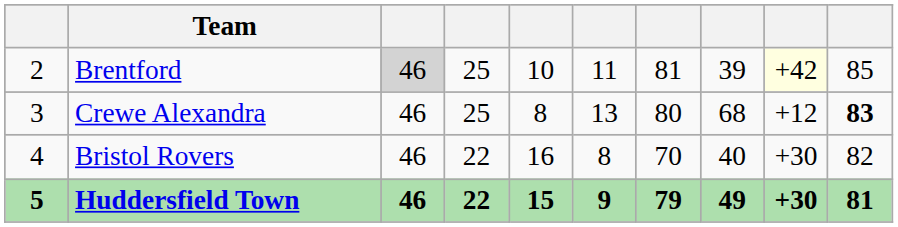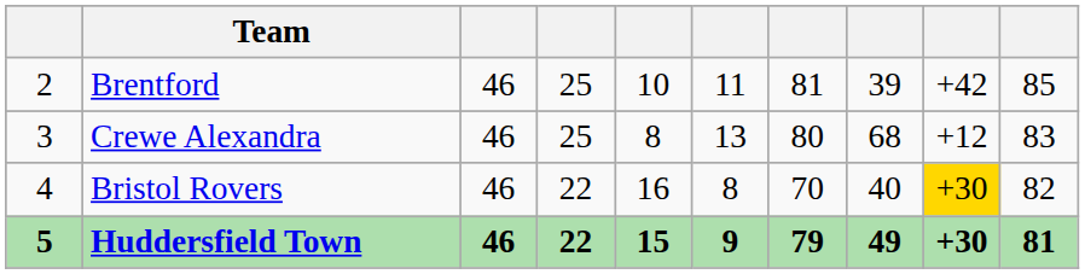 <table class="wikitable" style="text-align:center">
 <tr>
 <th width="30"></th>
 <th width="175">Team</th>
 <th width="30"></th>
 <th width="30"></th>
 <th width="30"></th>
 <th width="30"></th>
 <th width="30"></th>
 <th width="30"></th>
 <th width="30"></th>
 <th width="30"></th>
 </tr>
 <tr>
 <td>2</td>
 <td align=left><a href='#'>Brentford</a></td>
-<td style="background: lightgrey;">46</td>
+<td>46</td>
 <td>25</td>
 <td>10</td>
 <td>11</td>
 <td>81</td>
 <td>39</td>
-<td style="background: lightyellow;">+42</td>
+<td>+42</td>
 <td>85</td>
 </tr>
 <tr>
 <td>3</td>
 <td align=left><a href='#'>Crewe Alexandra</a></td>
 <td>46</td>
 <td>25</td>
 <td>8</td>
 <td>13</td>
 <td>80</td>
 <td>68</td>
 <td>+12</td>
-<td><strong>83</strong></td>
+<td>83</td>
 </tr>
 <tr>
 <td>4</td>
 <td align=left><a href='#'>Bristol Rovers</a></td>
 <td>46</td>
 <td>22</td>
 <td>16</td>
 <td>8</td>
 <td>70</td>
 <td>40</td>
-<td>+30</td>
+<td style="background: gold;">+30</td>
 <td>82</td>
 </tr>
 <tr bgcolor=#ADDFAD>
 <td><strong>5</strong></td>
 <td align=left><strong><a href='#'>Huddersfield Town</a></strong></td>
 <td><strong>46</strong></td>
 <td><strong>22</strong></td>
 <td><strong>15</strong></td>
 <td><strong>9</strong></td>
 <td><strong>79</strong></td>
 <td><strong>49</strong></td>
 <td><strong>+30</strong></td>
 <td><strong>81</strong></td>
 </tr>
 </table>
